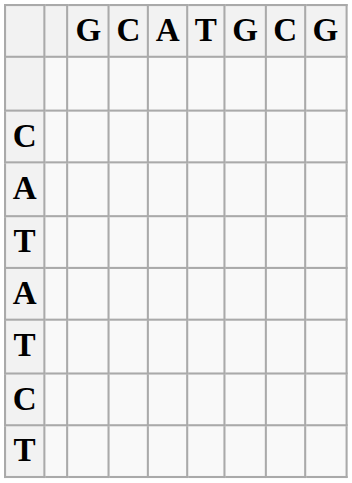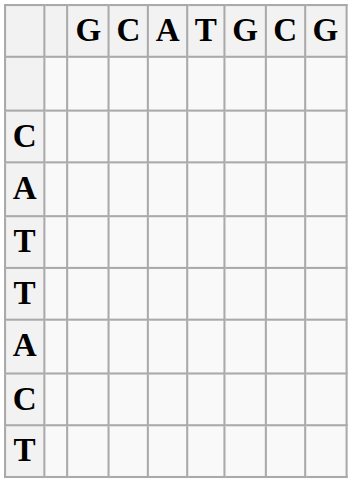 <table class="wikitable">
 <tr>
 <th></th>
 <th></th>
 <th>G</th>
 <th>C</th>
 <th>A</th>
 <th>T</th>
 <th>G</th>
 <th>C</th>
 <th>G</th>
 </tr>
 <tr>
 <th scope="row"></th>
 <td> </td>
 <td></td>
 <td></td>
 <td></td>
 <td></td>
 <td></td>
 <td></td>
 <td></td>
 </tr>
 <tr>
 <th scope="row">C</th>
 <td></td>
 <td></td>
 <td></td>
 <td></td>
 <td></td>
 <td></td>
 <td></td>
 <td></td>
 </tr>
 <tr>
 <th scope="row">A</th>
 <td></td>
 <td></td>
 <td></td>
 <td></td>
 <td></td>
 <td></td>
 <td></td>
 <td></td>
 </tr>
 <tr>
 <th scope="row">T</th>
 <td></td>
 <td></td>
 <td></td>
 <td></td>
 <td></td>
 <td></td>
 <td></td>
 <td></td>
 </tr>
 <tr>
-<th scope="row">A</th>
+<th scope="row">T</th>
 <td></td>
 <td></td>
 <td></td>
 <td></td>
 <td></td>
 <td></td>
 <td></td>
 <td></td>
 </tr>
 <tr>
-<th scope="row">T</th>
+<th scope="row">A</th>
 <td></td>
 <td></td>
 <td></td>
 <td></td>
 <td></td>
 <td></td>
 <td></td>
 <td></td>
 </tr>
 <tr>
 <th scope="row">C</th>
 <td></td>
 <td></td>
 <td></td>
 <td></td>
 <td></td>
 <td></td>
 <td></td>
 <td></td>
 </tr>
 <tr>
 <th scope="row">T</th>
 <td></td>
 <td></td>
 <td></td>
 <td></td>
 <td></td>
 <td></td>
 <td></td>
 <td></td>
 </tr>
 </table>
